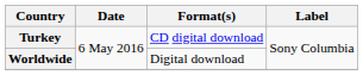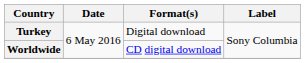 <table class="wikitable plainrowheaders">
 <tr>
 <th scope="col">Country</th>
 <th scope="col">Date</th>
 <th scope="col">Format(s)</th>
 <th scope="col">Label</th>
 </tr>
 <tr>
 <th scope="row">Turkey</th>
 <td rowspan="2">6 May 2016</td>
-<td><a href='#'>CD</a> <a href='#'>digital download</a></td>
+<td>Digital download</td>
 <td rowspan="2">Sony Columbia</td>
 </tr>
 <tr>
 <th scope="row">Worldwide</th>
-<td>Digital download</td>
+<td><a href='#'>CD</a> <a href='#'>digital download</a></td>
 </tr>
 <tr>
 </tr>
 </table>
